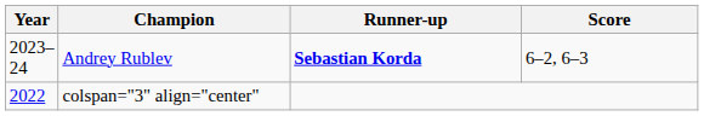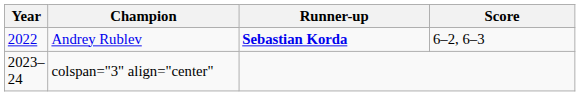 <table class="wikitable">
 <tr>
 <th style="width:40px">Year</th>
 <th style="width:200px">Champion</th>
 <th style="width:200px">Runner-up</th>
 <th style="width:150px" class="unsortable">Score</th>
 </tr>
 <tr>
-<td>2023–24</td>
+<td><a href='#'>2022</a></td>
 <td> <a href='#'>Andrey Rublev</a></td>
 <td><strong> <a href='#'>Sebastian Korda</a></strong></td>
 <td>6–2, 6–3</td>
 </tr>
 <tr>
-<td><a href='#'>2022</a></td>
+<td>2023–24</td>
 <td>colspan="3" align="center" </td>
 </tr>
 </table>
